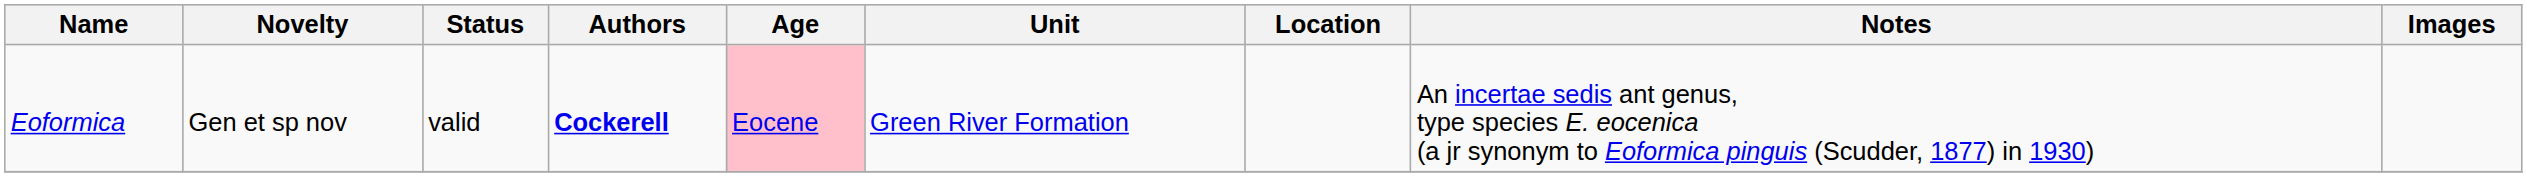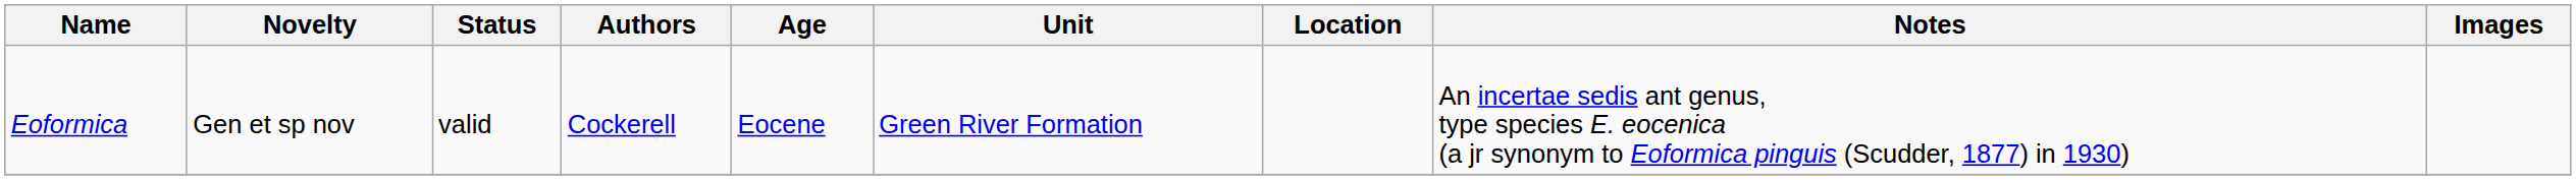 <table class="wikitable sortable" align="center" width="100%">
 <tr>
 <th>Name</th>
 <th>Novelty</th>
 <th>Status</th>
 <th>Authors</th>
 <th>Age</th>
 <th>Unit</th>
 <th>Location</th>
 <th>Notes</th>
 <th>Images</th>
 </tr>
 <tr>
 <td><br><em><a href='#'>Eoformica</a></em></td>
 <td><br>Gen et sp nov</td>
 <td><br>valid</td>
-<td><strong><br><a href='#'>Cockerell</a></strong></td>
-<td style="background: pink;"><br><a href='#'>Eocene</a></td>
+<td><br><a href='#'>Cockerell</a></td>
+<td><br><a href='#'>Eocene</a></td>
 <td><br><a href='#'>Green River Formation</a></td>
 <td><br><br> </td>
 <td><br>An <a href='#'>incertae sedis</a> ant genus, <br>type species <em>E. eocenica</em><br>(a jr synonym to <em><a href='#'>Eoformica pinguis</a></em> (Scudder, <a href='#'>1877</a>) in <a href='#'>1930</a>)</td>
 <td><br></td>
 </tr>
 <tr>
 </tr>
 </table>
